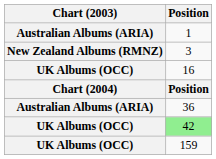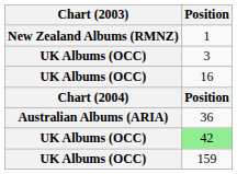 <table class="wikitable plainrowheaders">
 <tr>
 <th scope="col">Chart (2003)</th>
 <th scope="col">Position</th>
 </tr>
 <tr>
-<th scope="row">Australian Albums (ARIA)</th>
+<th scope="row">New Zealand Albums (RMNZ)</th>
 <td style="text-align:center;">1</td>
 </tr>
 <tr>
-<th scope="row">New Zealand Albums (RMNZ)</th>
+<th scope="row">UK Albums (OCC)</th>
 <td style="text-align:center;">3</td>
 </tr>
 <tr>
 <th scope="row">UK Albums (OCC)</th>
 <td style="text-align:center;">16</td>
 </tr>
 <tr>
 <th scope="col">Chart (2004)</th>
 <th scope="col">Position</th>
 </tr>
 <tr>
 <th scope="row">Australian Albums (ARIA)</th>
 <td style="text-align:center;">36</td>
 </tr>
 <tr>
 <th scope="row">UK Albums (OCC)</th>
 <td style="background: lightgreen; text-align:center;">42</td>
 </tr>
 <tr>
 <th scope="row">UK Albums (OCC)</th>
 <td style="text-align:center;">159</td>
 </tr>
 </table>
